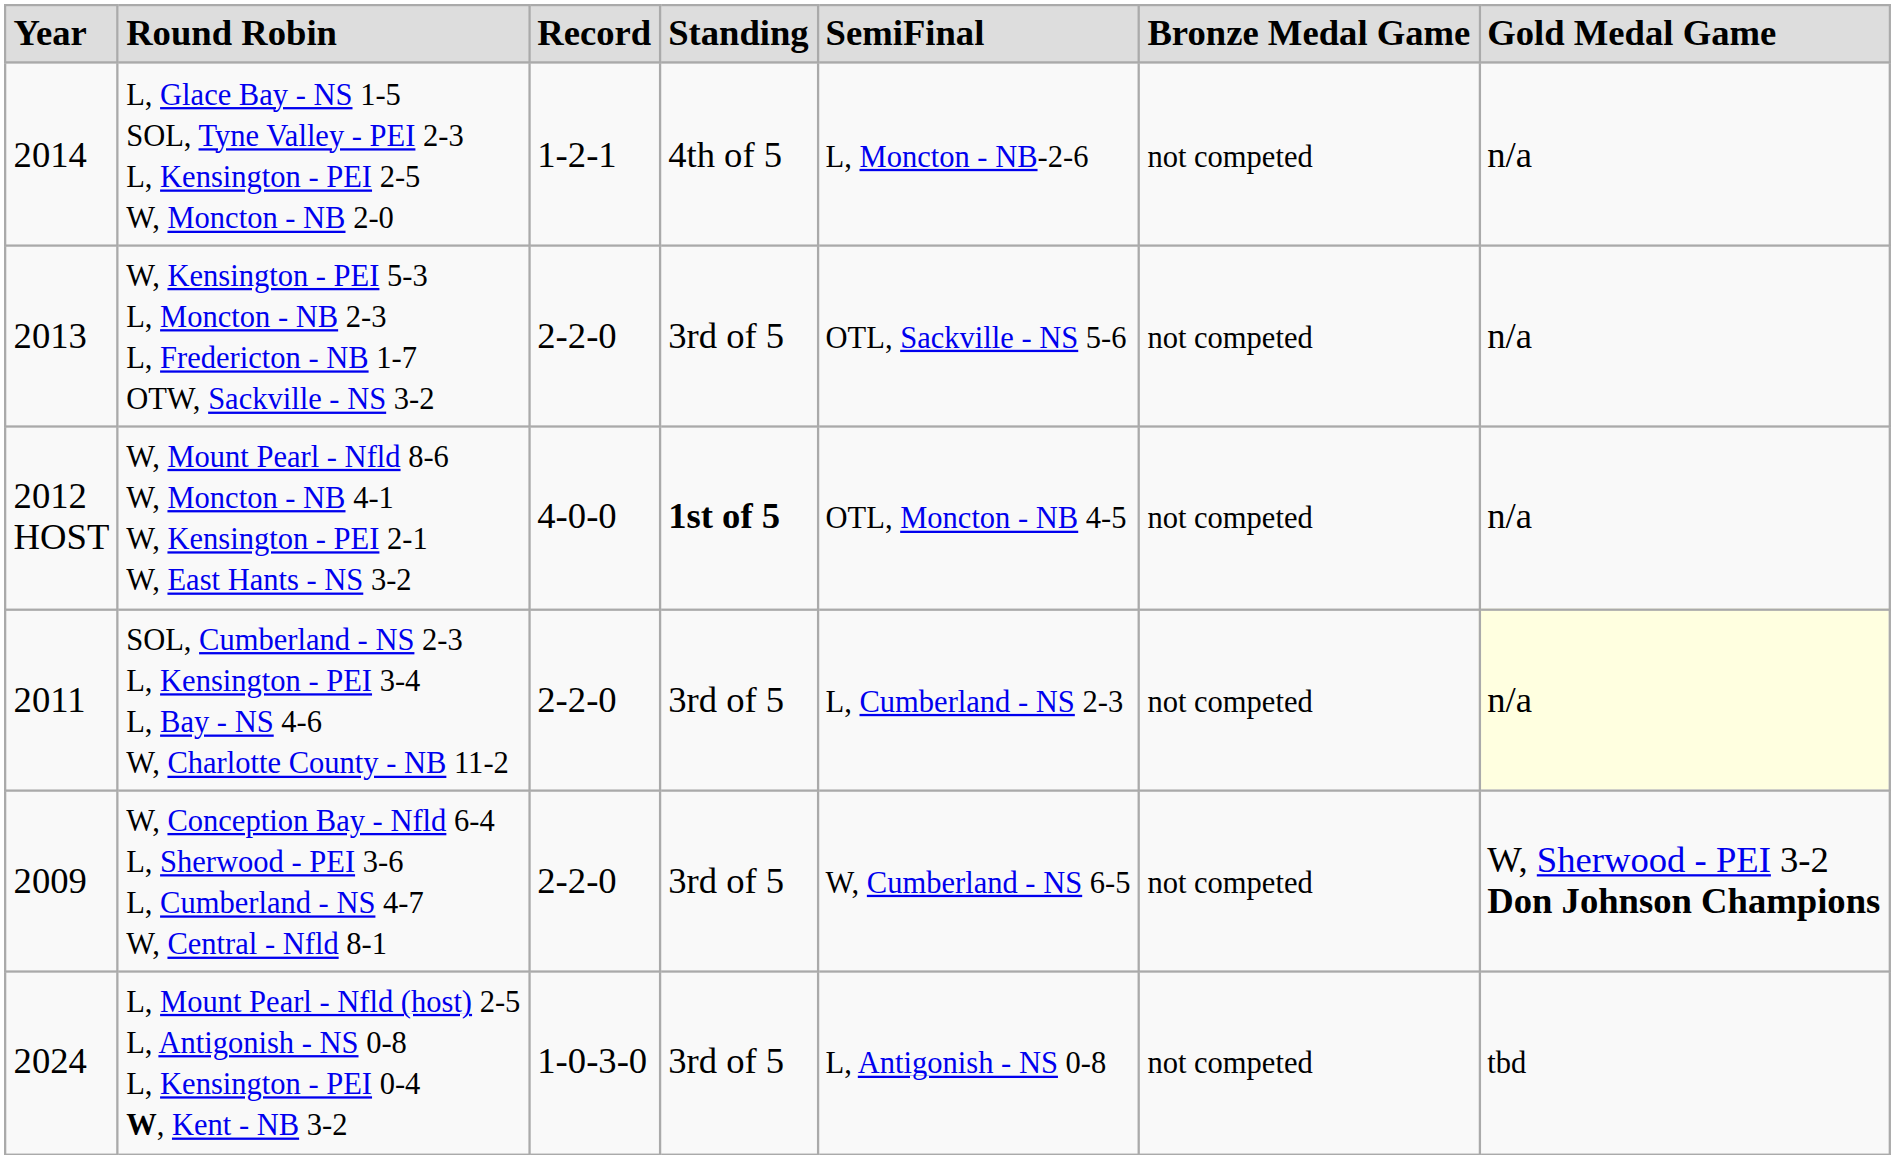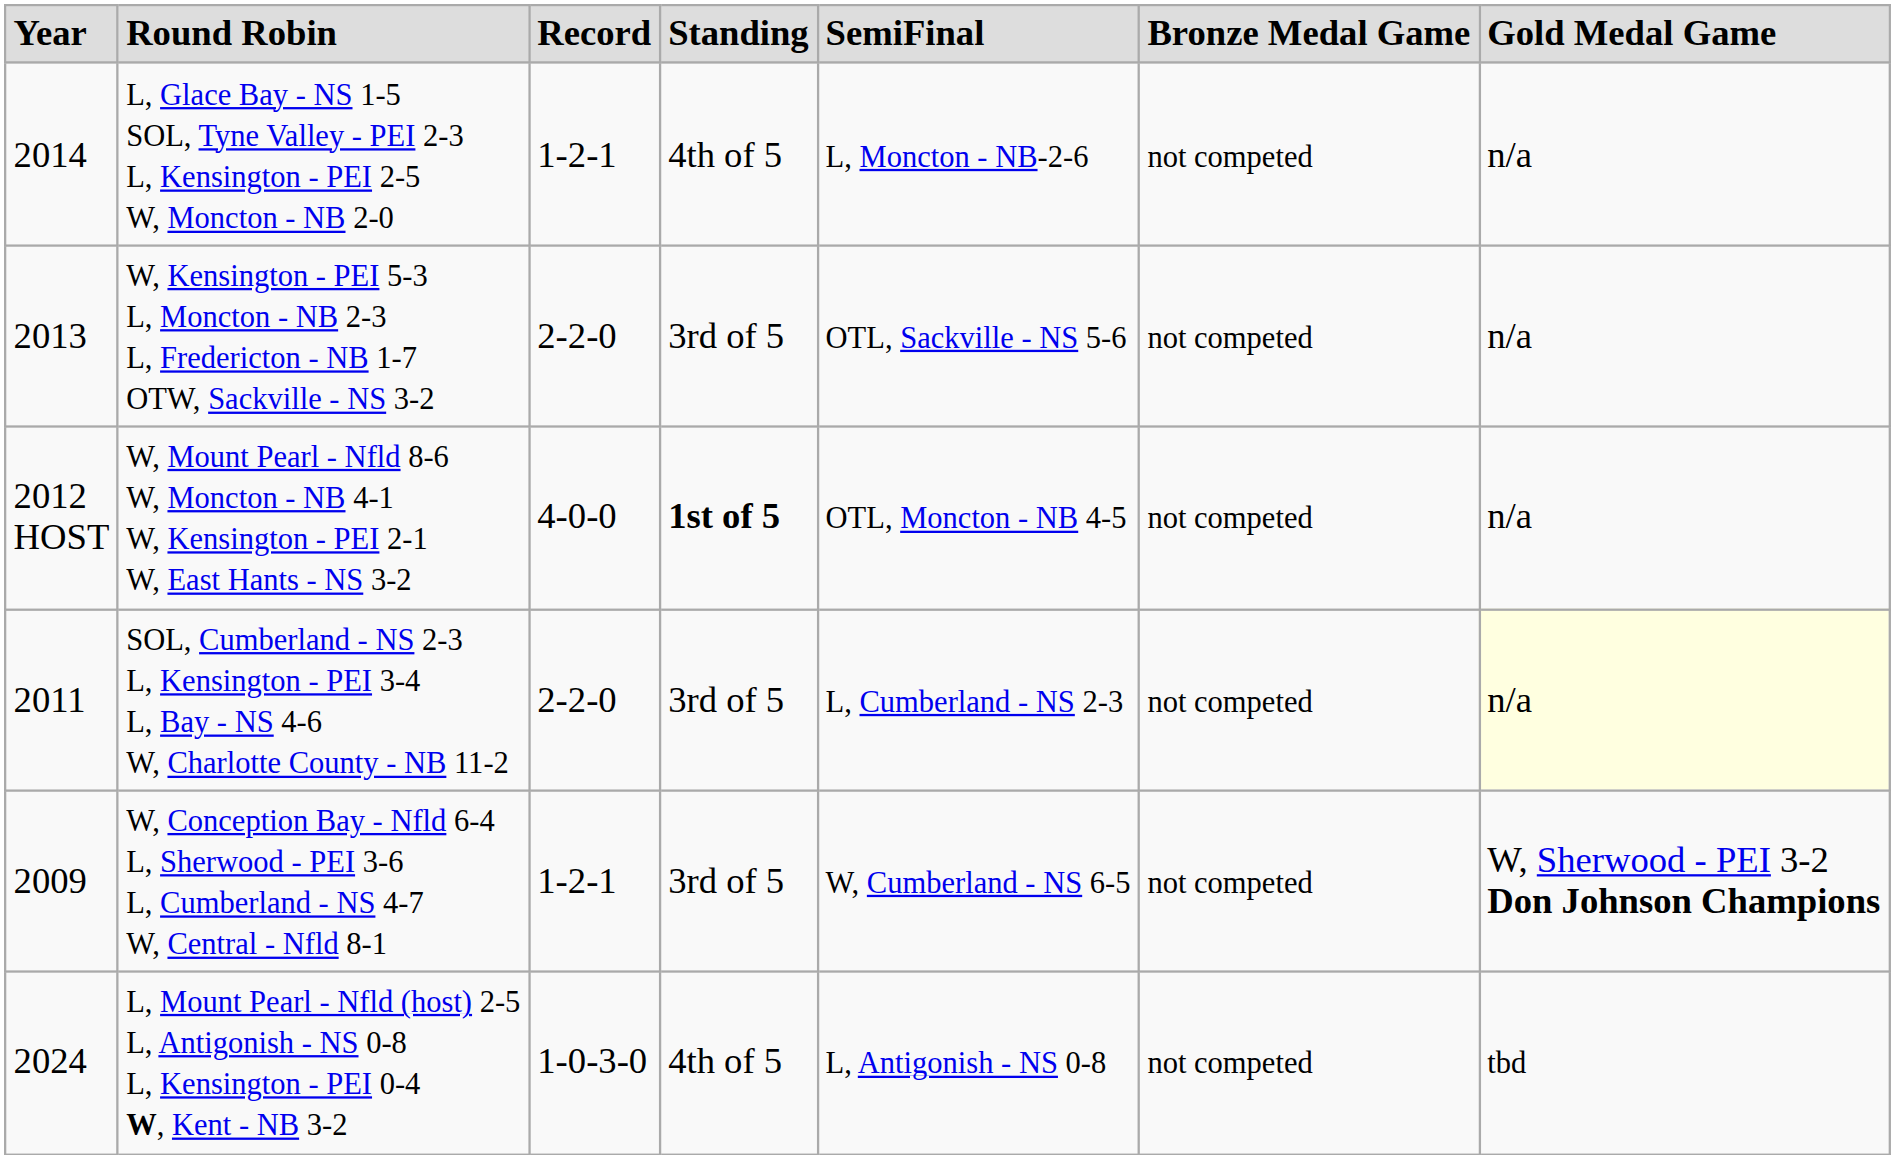 <table class="wikitable">
 <tr style="font-weight:bold; background-color:#dddddd;" |>
 <td>Year</td>
 <td>Round Robin</td>
 <td>Record</td>
 <td>Standing</td>
 <td>SemiFinal</td>
 <td>Bronze Medal Game</td>
 <td>Gold Medal Game</td>
 </tr>
 <tr>
 <td>2014</td>
 <td><small>L, <a href='#'>Glace Bay - NS</a> 1-5<br>SOL, <a href='#'>Tyne Valley - PEI</a> 2-3<br>L, <a href='#'>Kensington - PEI</a> 2-5<br>W, <a href='#'>Moncton - NB</a> 2-0</small></td>
 <td>1-2-1</td>
 <td>4th of 5</td>
 <td><small>L, <a href='#'>Moncton - NB</a>-2-6</small></td>
 <td><small>not competed</small></td>
 <td>n/a</td>
 </tr>
 <tr>
 <td>2013</td>
 <td><small>W, <a href='#'>Kensington - PEI</a> 5-3<br>L, <a href='#'>Moncton - NB</a> 2-3<br>L, <a href='#'>Fredericton - NB</a> 1-7<br>OTW, <a href='#'>Sackville - NS</a> 3-2</small></td>
 <td>2-2-0</td>
 <td>3rd of 5</td>
 <td><small>OTL, <a href='#'>Sackville - NS</a> 5-6</small></td>
 <td><small>not competed</small></td>
 <td>n/a</td>
 </tr>
 <tr>
 <td>2012<br>HOST</td>
 <td><small>W, <a href='#'>Mount Pearl - Nfld</a> 8-6<br>W, <a href='#'>Moncton - NB</a> 4-1<br>W, <a href='#'>Kensington - PEI</a> 2-1<br>W, <a href='#'>East Hants - NS</a> 3-2</small></td>
 <td>4-0-0</td>
 <td><strong>1st of 5</strong></td>
 <td><small>OTL, <a href='#'>Moncton - NB</a> 4-5</small></td>
 <td><small>not competed</small></td>
 <td>n/a</td>
 </tr>
 <tr>
 <td>2011</td>
 <td><small>SOL, <a href='#'>Cumberland - NS</a> 2-3<br>L, <a href='#'>Kensington - PEI</a> 3-4<br>L, <a href='#'>Bay - NS</a> 4-6<br>W, <a href='#'>Charlotte County - NB</a> 11-2</small></td>
 <td>2-2-0</td>
 <td>3rd of 5</td>
 <td><small>L, <a href='#'>Cumberland - NS</a> 2-3</small></td>
 <td><small>not competed</small></td>
 <td style="background: lightyellow;">n/a</td>
 </tr>
 <tr>
 <td>2009</td>
 <td><small>W, <a href='#'>Conception Bay - Nfld</a> 6-4<br>L, <a href='#'>Sherwood - PEI</a> 3-6<br>L, <a href='#'>Cumberland - NS</a> 4-7<br>W, <a href='#'>Central - Nfld</a> 8-1</small></td>
-<td>2-2-0</td>
+<td>1-2-1</td>
 <td>3rd of 5</td>
 <td><small>W, <a href='#'>Cumberland - NS</a> 6-5</small></td>
 <td><small>not competed</small></td>
 <td>W, <a href='#'>Sherwood - PEI</a> 3-2<br><strong>Don Johnson Champions</strong></td>
 </tr>
 <tr>
 <td>2024</td>
 <td><small>L, <a href='#'>Mount Pearl - Nfld (host)</a> 2-5<br>L, <a href='#'>Antigonish - NS</a> 0-8<br>L, <a href='#'>Kensington - PEI</a> 0-4<br><strong>W</strong>, <a href='#'>Kent - NB</a> 3-2</small></td>
 <td>1-0-3-0</td>
-<td>3rd of 5</td>
+<td>4th of 5</td>
 <td><small>L, <a href='#'>Antigonish - NS</a> 0-8</small></td>
 <td><small>not competed</small></td>
 <td><small>tbd</small></td>
 </tr>
 </table>
